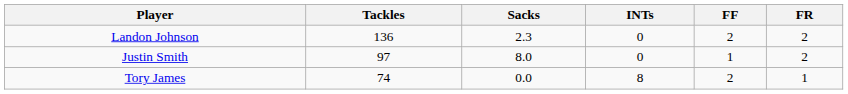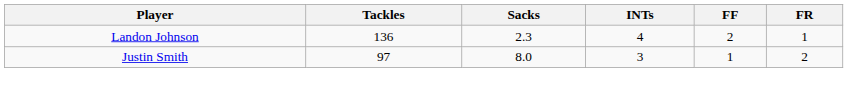 <table class="wikitable" style="text-align:center;" width="80%">
 <tr>
 <th>Player</th>
 <th>Tackles</th>
 <th>Sacks</th>
 <th>INTs</th>
 <th>FF</th>
 <th>FR</th>
 </tr>
 <tr>
 <td><a href='#'>Landon Johnson</a></td>
 <td>136</td>
 <td>2.3</td>
-<td>0</td>
+<td>4</td>
 <td>2</td>
-<td>2</td>
+<td>1</td>
 </tr>
 <tr>
 <td><a href='#'>Justin Smith</a></td>
 <td>97</td>
 <td>8.0</td>
-<td>0</td>
+<td>3</td>
 <td>1</td>
 <td>2</td>
 </tr>
-<tr>
-<td><a href='#'>Tory James</a></td>
-<td>74</td>
-<td>0.0</td>
-<td>8</td>
-<td>2</td>
-<td>1</td>
-</tr>
 </table>
